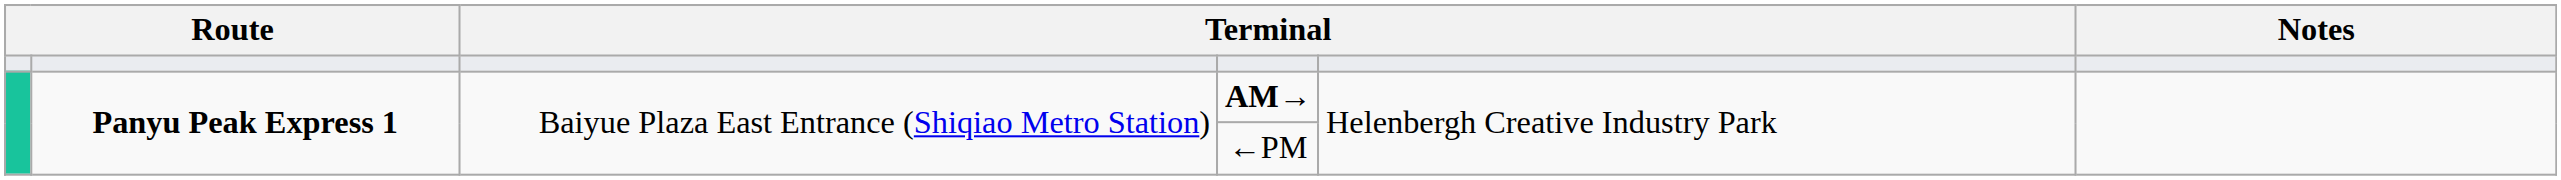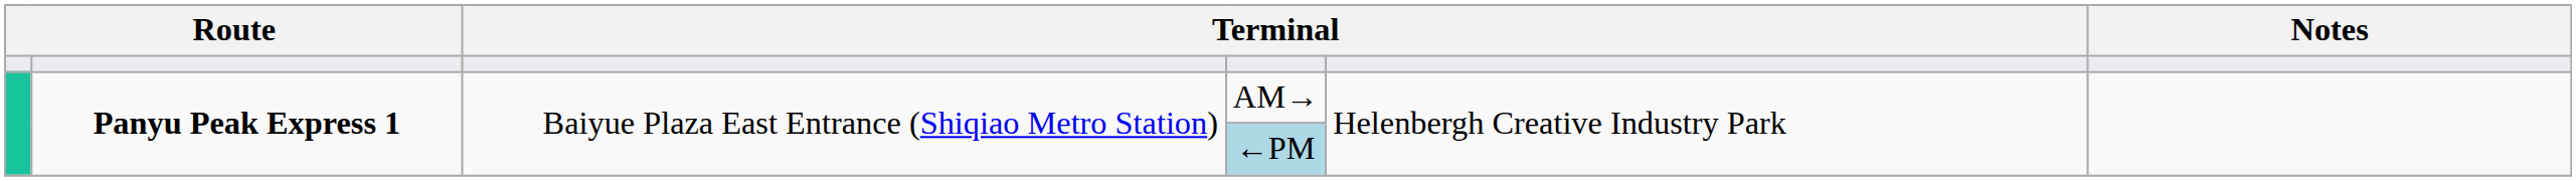 <table class="wikitable sortable" style="width:100%; text-align:center;">
 <tr>
 <th colspan="2" width="18%">Route</th>
 <th colspan="3">Terminal</th>
 <th width="19%">Notes</th>
 </tr>
 <tr style="background:#EAECF0" height=0>
 <td width="1%"></td>
 <td></td>
 <td width="30%"></td>
 <td></td>
 <td width="30%"></td>
 <td></td>
 </tr>
 <tr>
 <td style="background:#18c49c" rowspan="2"></td>
 <td align=center rowspan="2"><strong>Panyu Peak Express 1</strong></td>
 <td align=right rowspan="2">Baiyue Plaza East Entrance (<a href='#'>Shiqiao Metro Station</a>)</td>
-<td><strong>AM→</strong></td>
+<td>AM→</td>
 <td align=left rowspan="2">Helenbergh Creative Industry Park</td>
 <td rowspan="2"></td>
 </tr>
 <tr>
-<td>←PM</td>
+<td style="background: lightblue;">←PM</td>
 </tr>
 </table>
